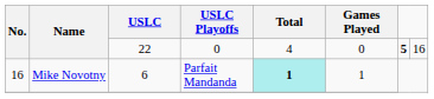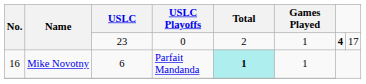 <table class="wikitable sortable" style="text-align: center;">
 <tr>
 <th rowspan=2>No.</th>
 <th rowspan=2>Name</th>
 <th style="width:85px;"><a href='#'>USLC</a></th>
 <th style="width:85px;"><a href='#'>USLC Playoffs</a></th>
 <th style="width:85px;"><strong>Total</strong></th>
 <th style="width:85px;"><strong>Games Played</strong></th>
 </tr>
 <tr>
-<td>22</td>
+<td>23</td>
 <td>0</td>
-<td>4</td>
-<td>0</td>
-<td><strong>5</strong></td>
-<td>16</td>
+<td>2</td>
+<td>1</td>
+<td><strong>4</strong></td>
+<td>17</td>
 </tr>
 <tr>
 <td>16</td>
 <td align=left> <a href='#'>Mike Novotny</a></td>
 <td>6</td>
 <td align=left> <a href='#'>Parfait Mandanda</a></td>
 <td style="background: paleturquoise;"><strong>1</strong></td>
 <td>1</td>
 </tr>
 <tr>
 </tr>
 </table>
